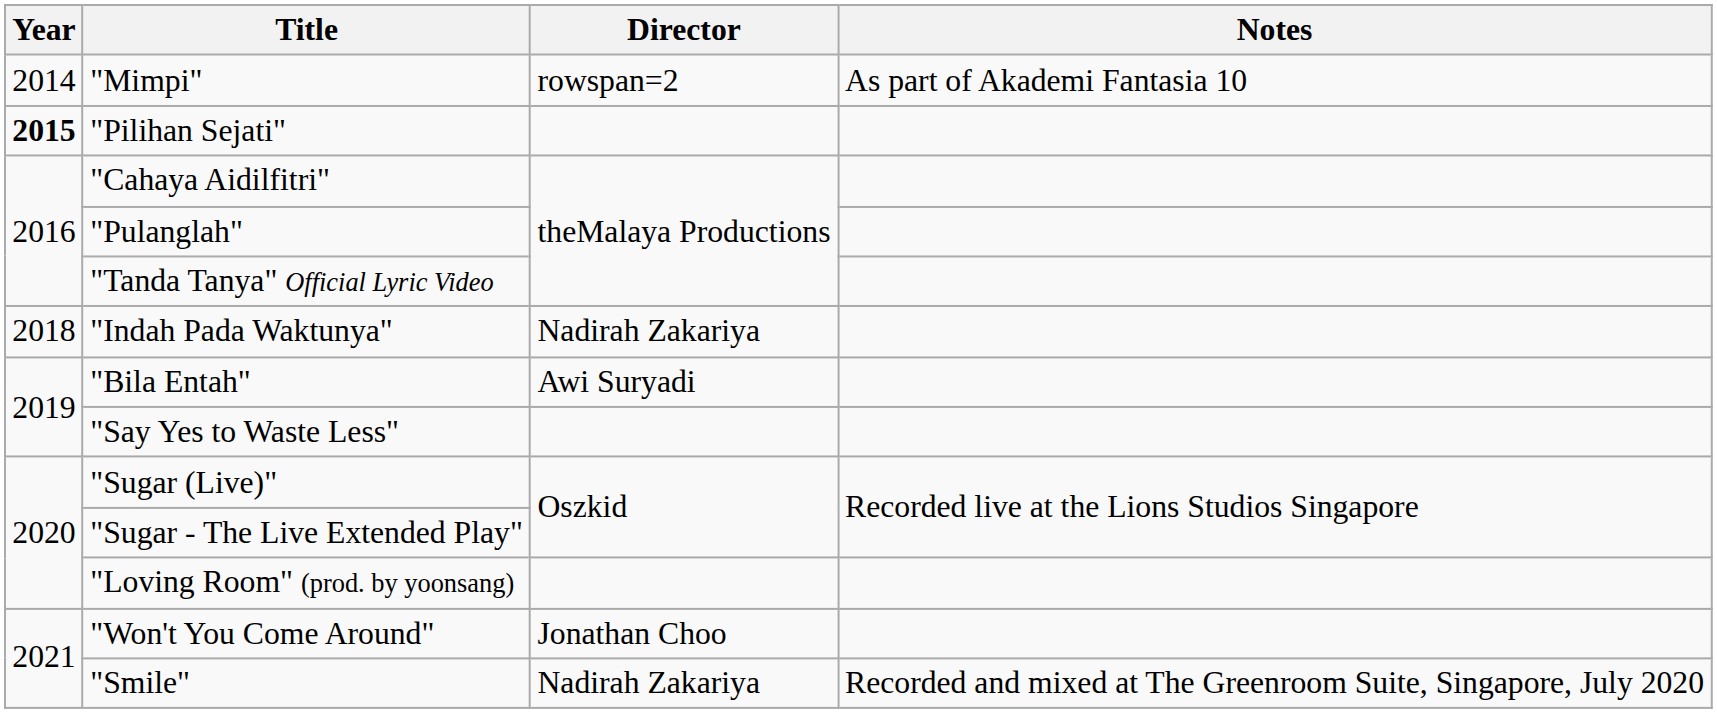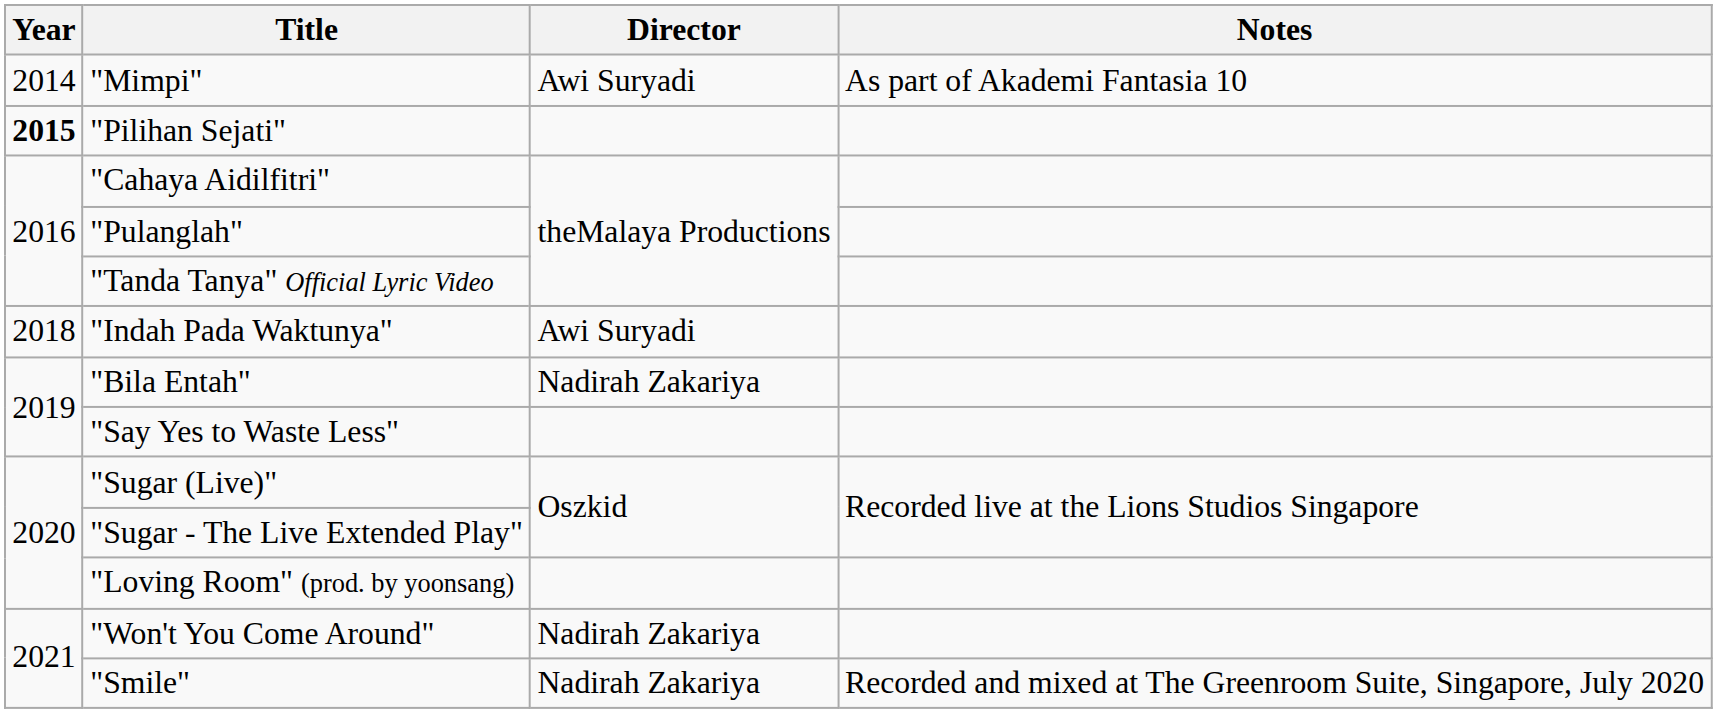 <table class="wikitable plainrowheaders">
 <tr>
 <th>Year</th>
 <th>Title</th>
 <th>Director</th>
 <th>Notes</th>
 </tr>
 <tr>
 <td>2014</td>
 <td>"Mimpi"</td>
-<td>rowspan=2 </td>
+<td>Awi Suryadi</td>
 <td>As part of Akademi Fantasia 10</td>
 </tr>
 <tr>
 <td><strong>2015</strong></td>
 <td>"Pilihan Sejati"</td>
 <td></td>
 </tr>
 <tr>
 <td rowspan="3">2016</td>
 <td>"Cahaya Aidilfitri"</td>
 <td rowspan=3>theMalaya Productions</td>
 <td></td>
 </tr>
 <tr>
 <td>"Pulanglah"</td>
 <td></td>
 </tr>
 <tr>
 <td>"Tanda Tanya" <small><em>Official Lyric Video</em></small></td>
 <td></td>
 </tr>
 <tr>
 <td>2018</td>
 <td>"Indah Pada Waktunya"</td>
-<td>Nadirah Zakariya</td>
+<td>Awi Suryadi</td>
 <td></td>
 </tr>
 <tr>
 <td rowspan=2>2019</td>
 <td>"Bila Entah"</td>
-<td>Awi Suryadi</td>
+<td>Nadirah Zakariya</td>
 <td></td>
 </tr>
 <tr>
 <td>"Say Yes to Waste Less"</td>
 <td></td>
 <td></td>
 </tr>
 <tr>
 <td rowspan="3">2020</td>
 <td>"Sugar (Live)"</td>
 <td rowspan=2>Oszkid</td>
 <td rowspan=2>Recorded live at the Lions Studios Singapore</td>
 </tr>
 <tr>
 <td>"Sugar - The Live Extended Play"</td>
 </tr>
 <tr>
 <td>"Loving Room" <small>(prod. by yoonsang)</small></td>
 <td></td>
 <td></td>
 </tr>
 <tr>
 <td rowspan="2">2021</td>
 <td>"Won't You Come Around"</td>
-<td>Jonathan Choo</td>
+<td>Nadirah Zakariya</td>
 <td></td>
 </tr>
 <tr>
 <td>"Smile"</td>
 <td>Nadirah Zakariya</td>
 <td>Recorded and mixed at The Greenroom Suite, Singapore, July 2020</td>
 </tr>
 </table>
